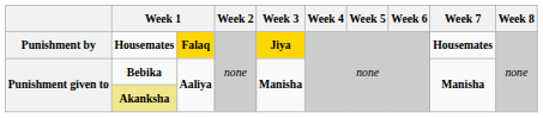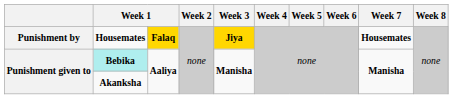 <table class="wikitable" style=" text-align:center; font-size:85%; line-height:25px; width:auto;">
 <tr>
 <th></th>
 <th colspan="2">Week 1</th>
 <th>Week 2</th>
 <th>Week 3</th>
 <th>Week 4</th>
 <th>Week 5</th>
 <th>Week  6</th>
 <th>Week 7</th>
 <th>Week 8</th>
 </tr>
 <tr>
 <th>Punishment by</th>
 <td><strong>Housemates</strong></td>
 <td bgcolor="gold"><strong>Falaq</strong></td>
 <td rowspan="3" bgcolor="#ccc"><em>none</em></td>
 <td bgcolor="gold"><strong>Jiya</strong></td>
 <td colspan="3" rowspan="3" bgcolor="#ccc"><em>none</em></td>
 <td><strong>Housemates</strong></td>
 <td rowspan="3" bgcolor="#ccc"><em>none</em></td>
 </tr>
 <tr>
 <th rowspan="2">Punishment given to</th>
-<td><strong>Bebika</strong></td>
+<td style="background: paleturquoise;"><strong>Bebika</strong></td>
 <td rowspan="2"><strong>Aaliya</strong></td>
 <td rowspan="2"><strong>Manisha</strong></td>
 <td rowspan="2"><strong>Manisha</strong></td>
 </tr>
 <tr>
-<td style="background: khaki;"><strong>Akanksha</strong></td>
+<td><strong>Akanksha</strong></td>
 </tr>
 </table>
